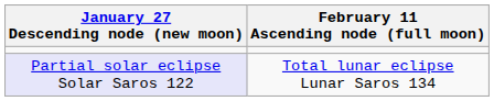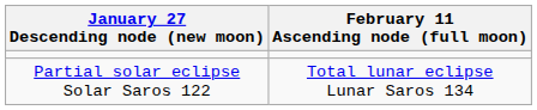 <table class="wikitable">
 <tr>
 <th><a href='#'>January 27</a><br>Descending node (new moon)<br></th>
 <th>February 11<br>Ascending node (full moon)<br></th>
 </tr>
 <tr>
 <td></td>
 <td></td>
 </tr>
 <tr align=center>
-<td style="background: lavender;"><a href='#'>Partial solar eclipse</a><br>Solar Saros 122</td>
+<td><a href='#'>Partial solar eclipse</a><br>Solar Saros 122</td>
 <td><a href='#'>Total lunar eclipse</a><br>Lunar Saros 134</td>
 </tr>
 </table>
